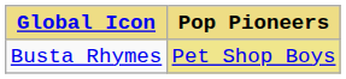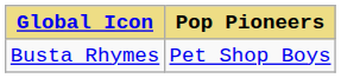 <table class="wikitable" style="width=" 100%">
 <tr>
 <th style="background:#EEDD85; width=50%"><a href='#'>Global Icon</a></th>
 <th style="background:#EEDD85; width=50%">Pop Pioneers</th>
 </tr>
 <tr>
 <td valign="top"><a href='#'>Busta Rhymes</a></td>
-<td valign="top" style="background: khaki;"><a href='#'>Pet Shop Boys</a></td>
+<td valign="top"><a href='#'>Pet Shop Boys</a></td>
 </tr>
 </table>
